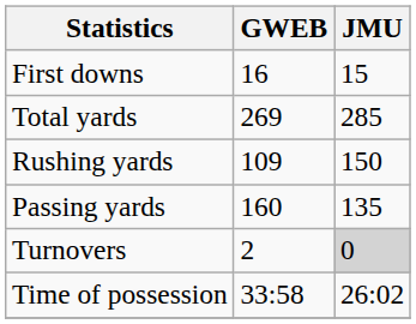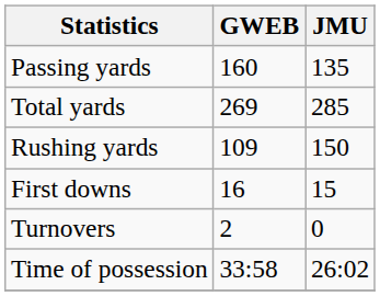 <table class="wikitable" style="float: left;">
 <tr>
 <th>Statistics</th>
 <th>GWEB</th>
 <th>JMU</th>
 </tr>
 <tr>
-<td>First downs</td>
-<td>16</td>
-<td>15</td>
+<td>Passing yards</td>
+<td>160</td>
+<td>135</td>
 </tr>
 <tr>
 <td>Total yards</td>
 <td>269</td>
 <td>285</td>
 </tr>
 <tr>
 <td>Rushing yards</td>
 <td>109</td>
 <td>150</td>
 </tr>
 <tr>
-<td>Passing yards</td>
-<td>160</td>
-<td>135</td>
+<td>First downs</td>
+<td>16</td>
+<td>15</td>
 </tr>
 <tr>
 <td>Turnovers</td>
 <td>2</td>
-<td style="background: lightgrey;">0</td>
+<td>0</td>
 </tr>
 <tr>
 <td>Time of possession</td>
 <td>33:58</td>
 <td>26:02</td>
 </tr>
 <tr>
 </tr>
 </table>
